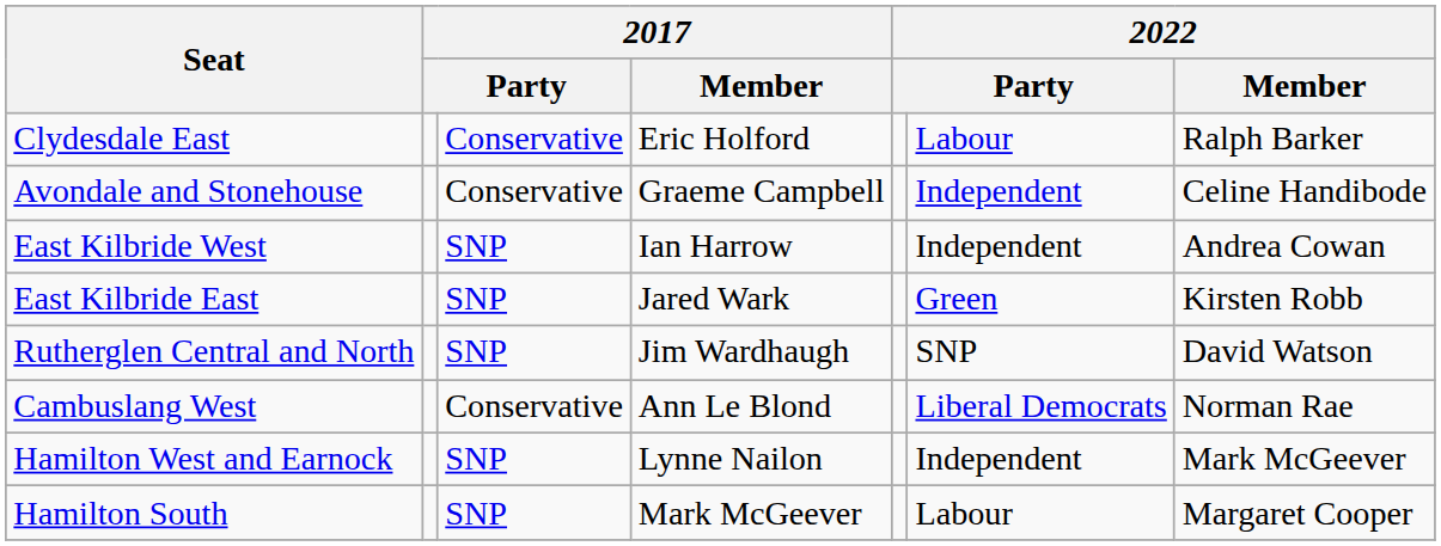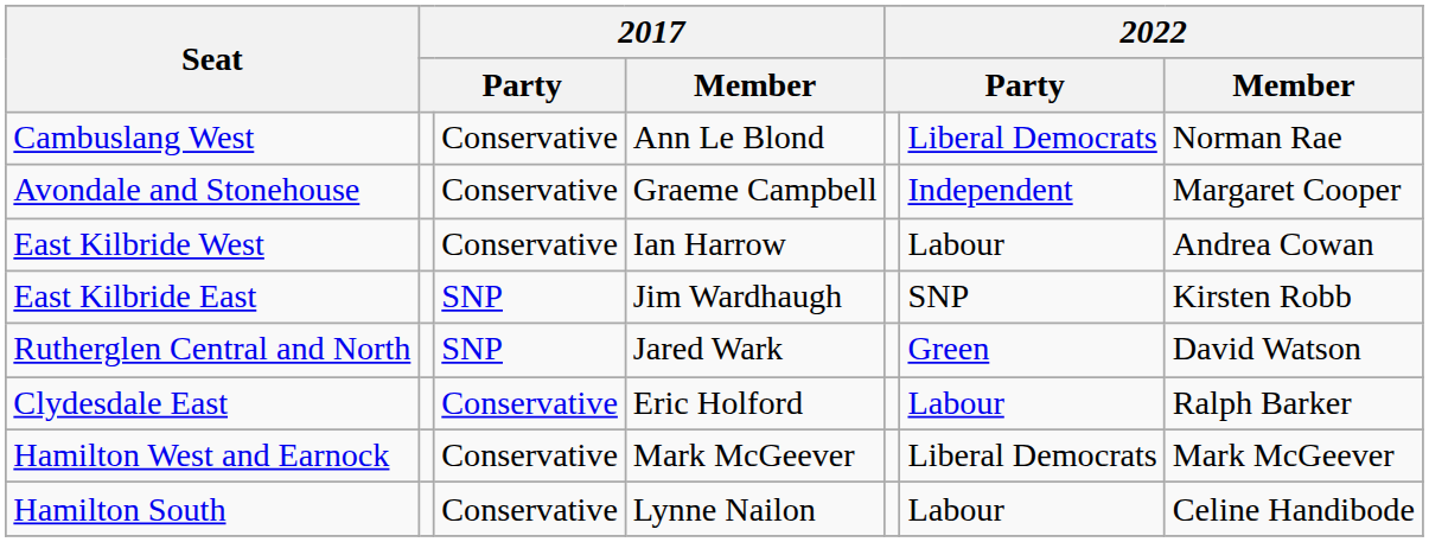 <table class="wikitable">
 <tr>
 <th scope="col" rowspan="2" style="text-align:center">Seat</th>
 <th scope="col" colspan="3" style="text-align:center"><em>2017</em></th>
 <th scope="col" colspan="3" style="text-align:center"><em>2022</em></th>
 </tr>
 <tr>
 <th colspan="2" style="text-align:center">Party</th>
 <th style="text-align:center">Member</th>
 <th colspan="2" style="text-align:center">Party</th>
 <th style="text-align:center">Member</th>
 </tr>
 <tr>
+<td scope="row"><a href='#'>Cambuslang West</a></td>
+<td></td>
+<td>Conservative</td>
+<td>Ann Le Blond</td>
+<td></td>
+<td><a href='#'>Liberal Democrats</a></td>
+<td>Norman Rae</td>
+</tr>
+<tr>
+<td scope="row"><a href='#'>Avondale and Stonehouse</a></td>
+<td></td>
+<td>Conservative</td>
+<td>Graeme Campbell</td>
+<td></td>
+<td><a href='#'>Independent</a></td>
+<td>Margaret Cooper</td>
+</tr>
+<tr>
+<td scope="row"><a href='#'>East Kilbride West</a></td>
+<td></td>
+<td>Conservative</td>
+<td>Ian Harrow</td>
+<td></td>
+<td>Labour</td>
+<td>Andrea Cowan</td>
+</tr>
+<tr>
+<td scope="row"><a href='#'>East Kilbride East</a></td>
+<td></td>
+<td><a href='#'>SNP</a></td>
+<td>Jim Wardhaugh</td>
+<td></td>
+<td>SNP</td>
+<td>Kirsten Robb</td>
+</tr>
+<tr>
+<td scope="row"><a href='#'>Rutherglen Central and North</a></td>
+<td></td>
+<td><a href='#'>SNP</a></td>
+<td>Jared Wark</td>
+<td></td>
+<td><a href='#'>Green</a></td>
+<td>David Watson</td>
+</tr>
+<tr>
 <td scope="row"><a href='#'>Clydesdale East</a></td>
 <td></td>
 <td><a href='#'>Conservative</a></td>
 <td>Eric Holford</td>
 <td></td>
 <td><a href='#'>Labour</a></td>
 <td>Ralph Barker</td>
 </tr>
 <tr>
-<td scope="row"><a href='#'>Avondale and Stonehouse</a></td>
+<td scope="row"><a href='#'>Hamilton West and Earnock</a></td>
 <td></td>
 <td>Conservative</td>
-<td>Graeme Campbell</td>
+<td>Mark McGeever</td>
 <td></td>
-<td><a href='#'>Independent</a></td>
-<td>Celine Handibode</td>
-</tr>
-<tr>
-<td scope="row"><a href='#'>East Kilbride West</a></td>
-<td></td>
-<td><a href='#'>SNP</a></td>
-<td>Ian Harrow</td>
-<td></td>
-<td>Independent</td>
-<td>Andrea Cowan</td>
-</tr>
-<tr>
-<td scope="row"><a href='#'>East Kilbride East</a></td>
-<td></td>
-<td><a href='#'>SNP</a></td>
-<td>Jared Wark</td>
-<td></td>
-<td><a href='#'>Green</a></td>
-<td>Kirsten Robb</td>
-</tr>
-<tr>
-<td scope="row"><a href='#'>Rutherglen Central and North</a></td>
-<td></td>
-<td><a href='#'>SNP</a></td>
-<td>Jim Wardhaugh</td>
-<td></td>
-<td>SNP</td>
-<td>David Watson</td>
-</tr>
-<tr>
-<td scope="row"><a href='#'>Cambuslang West</a></td>
-<td></td>
-<td>Conservative</td>
-<td>Ann Le Blond</td>
-<td></td>
-<td><a href='#'>Liberal Democrats</a></td>
-<td>Norman Rae</td>
-</tr>
-<tr>
-<td scope="row"><a href='#'>Hamilton West and Earnock</a></td>
-<td></td>
-<td><a href='#'>SNP</a></td>
-<td>Lynne Nailon</td>
-<td></td>
-<td>Independent</td>
+<td>Liberal Democrats</td>
 <td>Mark McGeever</td>
 </tr>
 <tr>
 <td scope="row"><a href='#'>Hamilton South</a></td>
 <td></td>
-<td><a href='#'>SNP</a></td>
-<td>Mark McGeever</td>
+<td>Conservative</td>
+<td>Lynne Nailon</td>
 <td></td>
 <td>Labour</td>
-<td>Margaret Cooper</td>
+<td>Celine Handibode</td>
 </tr>
 </table>
